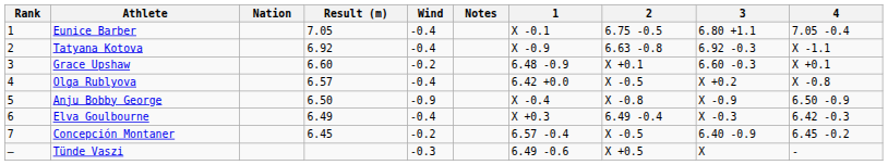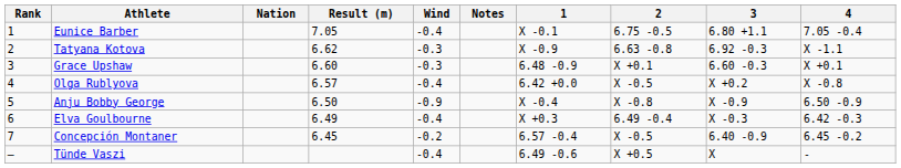 <table class="wikitable" style="text=align:center;" width=85%>
 <tr>
 <th>Rank</th>
 <th>Athlete</th>
 <th>Nation</th>
 <th>Result (m)</th>
 <th>Wind</th>
 <th>Notes</th>
 <th>1</th>
 <th>2</th>
 <th>3</th>
 <th>4</th>
 </tr>
 <tr>
 <td>1</td>
 <td><a href='#'>Eunice Barber</a></td>
 <td></td>
 <td>7.05</td>
 <td>-0.4</td>
 <td></td>
 <td>X -0.1</td>
 <td>6.75 -0.5</td>
 <td>6.80 +1.1</td>
 <td>7.05 -0.4</td>
 </tr>
 <tr>
 <td>2</td>
 <td><a href='#'>Tatyana Kotova</a></td>
 <td></td>
-<td>6.92</td>
-<td>-0.4</td>
+<td>6.62</td>
+<td>-0.3</td>
 <td></td>
 <td>X -0.9</td>
 <td>6.63 -0.8</td>
 <td>6.92 -0.3</td>
 <td>X -1.1</td>
 </tr>
 <tr>
 <td>3</td>
 <td><a href='#'>Grace Upshaw</a></td>
 <td></td>
 <td>6.60</td>
-<td>-0.2</td>
+<td>-0.3</td>
 <td></td>
 <td>6.48 -0.9</td>
 <td>X +0.1</td>
 <td>6.60 -0.3</td>
 <td>X +0.1</td>
 </tr>
 <tr>
 <td>4</td>
 <td><a href='#'>Olga Rublyova</a></td>
 <td></td>
 <td>6.57</td>
 <td>-0.4</td>
 <td></td>
 <td>6.42 +0.0</td>
 <td>X -0.5</td>
 <td>X +0.2</td>
 <td>X -0.8</td>
 </tr>
 <tr>
 <td>5</td>
 <td><a href='#'>Anju Bobby George</a></td>
 <td></td>
 <td>6.50</td>
 <td>-0.9</td>
 <td></td>
 <td>X -0.4</td>
 <td>X -0.8</td>
 <td>X -0.9</td>
 <td>6.50 -0.9</td>
 </tr>
 <tr>
 <td>6</td>
 <td><a href='#'>Elva Goulbourne</a></td>
 <td></td>
 <td>6.49</td>
 <td>-0.4</td>
 <td></td>
 <td>X +0.3</td>
 <td>6.49 -0.4</td>
 <td>X -0.3</td>
 <td>6.42 -0.3</td>
 </tr>
 <tr>
 <td>7</td>
 <td><a href='#'>Concepción Montaner</a></td>
 <td></td>
 <td>6.45</td>
 <td>-0.2</td>
 <td></td>
 <td>6.57 -0.4</td>
 <td>X -0.5</td>
 <td>6.40 -0.9</td>
 <td>6.45 -0.2</td>
 </tr>
 <tr>
 <td>—</td>
 <td><a href='#'>Tünde Vaszi</a></td>
 <td></td>
 <td></td>
-<td>-0.3</td>
+<td>-0.4</td>
 <td></td>
 <td>6.49 -0.6</td>
 <td>X +0.5</td>
 <td>X</td>
 <td>-</td>
 </tr>
 </table>
